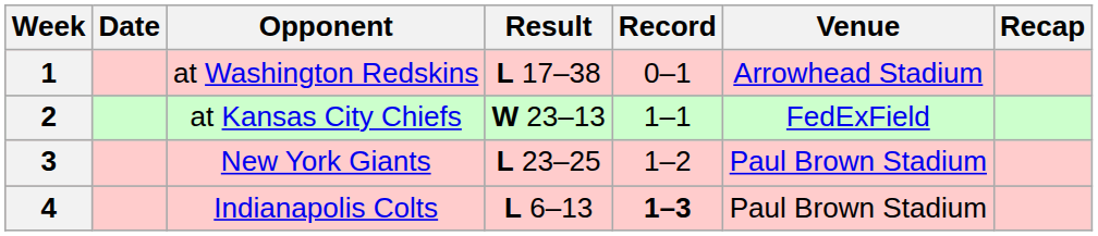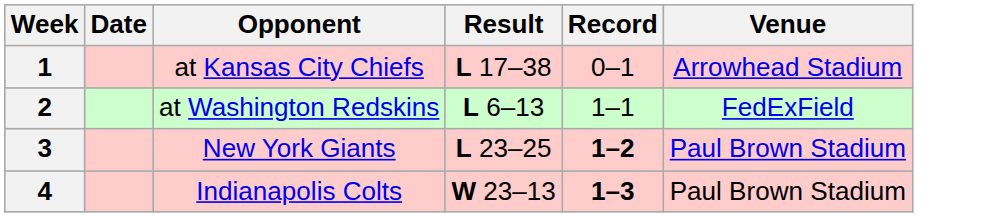 <table class="wikitable" style="text-align:center">
 <tr>
 <th>Week</th>
 <th>Date</th>
 <th>Opponent</th>
 <th>Result</th>
 <th>Record</th>
 <th>Venue</th>
-<th>Recap</th>
 </tr>
 <tr style="background:#fcc">
 <th>1</th>
 <td></td>
-<td>at <a href='#'>Washington Redskins</a></td>
+<td>at <a href='#'>Kansas City Chiefs</a></td>
 <td><strong>L</strong> 17–38</td>
 <td>0–1</td>
 <td><a href='#'>Arrowhead Stadium</a></td>
-<td></td>
 </tr>
 <tr style="background:#cfc">
 <th>2</th>
 <td></td>
-<td>at <a href='#'>Kansas City Chiefs</a></td>
-<td><strong>W</strong> 23–13</td>
+<td>at <a href='#'>Washington Redskins</a></td>
+<td><strong>L</strong> 6–13</td>
 <td>1–1</td>
 <td><a href='#'>FedExField</a></td>
-<td></td>
 </tr>
 <tr style="background:#fcc">
 <th>3</th>
 <td></td>
 <td><a href='#'>New York Giants</a></td>
 <td><strong>L</strong> 23–25</td>
-<td>1–2</td>
+<td><strong>1–2</strong></td>
 <td><a href='#'>Paul Brown Stadium</a></td>
-<td></td>
 </tr>
 <tr style="background:#fcc">
 <th>4</th>
 <td></td>
 <td><a href='#'>Indianapolis Colts</a></td>
-<td><strong>L</strong> 6–13</td>
+<td><strong>W</strong> 23–13</td>
 <td><strong>1–3</strong></td>
 <td>Paul Brown Stadium</td>
-<td></td>
 </tr>
 </table>
